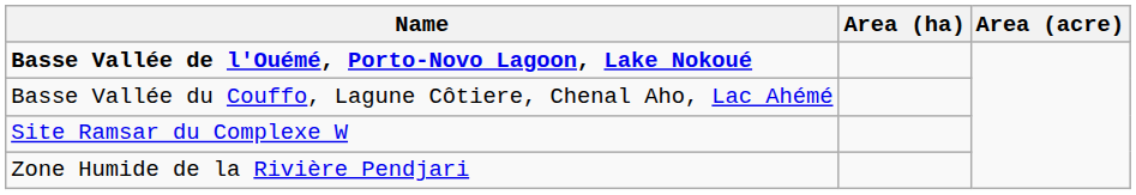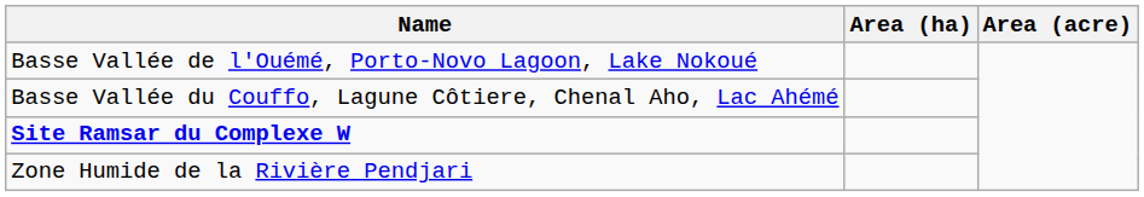 <table class="wikitable sortable">
 <tr>
 <th scope="col" align=left>Name</th>
 <th scope="col">Area (ha)</th>
 <th scope="col">Area (acre)</th>
 </tr>
 <tr ---->
-<td><strong>Basse Vallée de <a href='#'>l'Ouémé</a>, <a href='#'>Porto-Novo Lagoon</a>, <a href='#'>Lake Nokoué</a></strong></td>
+<td>Basse Vallée de <a href='#'>l'Ouémé</a>, <a href='#'>Porto-Novo Lagoon</a>, <a href='#'>Lake Nokoué</a></td>
 <td></td>
 </tr>
 <tr ---->
 <td>Basse Vallée du <a href='#'>Couffo</a>, Lagune Côtiere, Chenal Aho, <a href='#'>Lac Ahémé</a></td>
 <td></td>
 </tr>
 <tr ---->
-<td><a href='#'>Site Ramsar du Complexe W</a></td>
+<td><strong><a href='#'>Site Ramsar du Complexe W</a></strong></td>
 <td></td>
 </tr>
 <tr ---->
 <td>Zone Humide de la <a href='#'>Rivière Pendjari</a></td>
 <td></td>
 </tr>
 </table>
